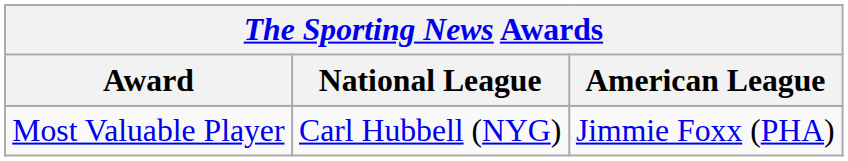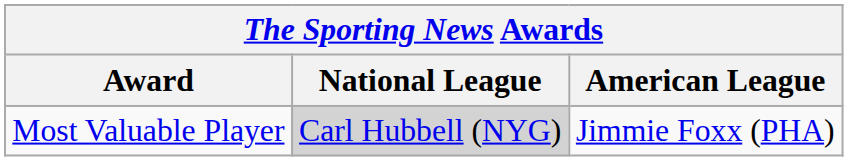 <table class="wikitable">
 <tr>
 <th colspan="3"><em><a href='#'>The Sporting News</a></em> <a href='#'>Awards</a></th>
 </tr>
 <tr>
 <th>Award</th>
 <th>National League</th>
 <th>American League</th>
 </tr>
 <tr>
 <td><a href='#'>Most Valuable Player</a></td>
-<td><a href='#'>Carl Hubbell</a> (<a href='#'>NYG</a>)</td>
+<td style="background: lightgrey;"><a href='#'>Carl Hubbell</a> (<a href='#'>NYG</a>)</td>
 <td><a href='#'>Jimmie Foxx</a> (<a href='#'>PHA</a>)</td>
 </tr>
 </table>
